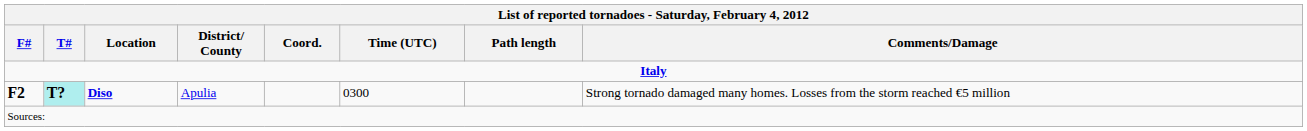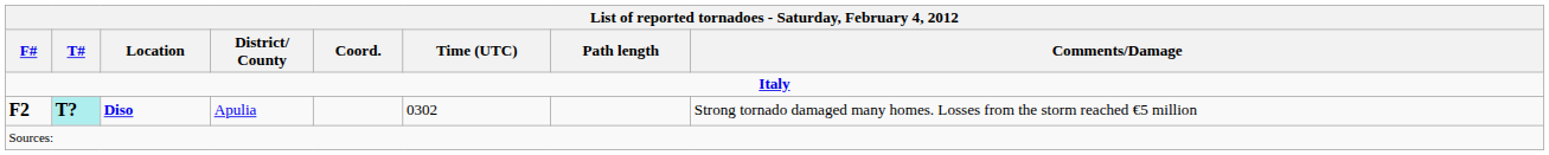 <table class="wikitable collapsible" width="100%">
 <tr>
 <th colspan="8">List of reported tornadoes - Saturday, February 4, 2012</th>
 </tr>
 <tr>
 <th><a href='#'>F#</a></th>
 <th><a href='#'>T#</a></th>
 <th>Location</th>
 <th>District/<br>County</th>
 <th>Coord.</th>
 <th>Time (UTC)</th>
 <th>Path length</th>
 <th>Comments/Damage</th>
 </tr>
 <tr>
 <td colspan="8" align=center><strong><a href='#'>Italy</a></strong></td>
 </tr>
 <tr>
 <td><big><strong>F2</strong></big></td>
 <td style="background: paleturquoise;"><big><strong>T?</strong></big></td>
 <td><strong><a href='#'>Diso</a></strong></td>
 <td><a href='#'>Apulia</a></td>
 <td></td>
-<td>0300</td>
+<td>0302</td>
 <td></td>
 <td>Strong tornado damaged many homes. Losses from the storm reached €5 million</td>
 </tr>
 <tr>
 <td colspan="8"><small>Sources:  </small></td>
 </tr>
 </table>
